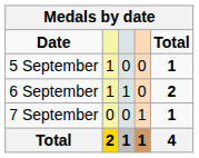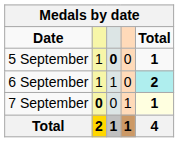 <table class=wikitable style="font-size:85%; text-align:center; float:right;">
 <tr style="background:#efefef">
 <th colspan=6>Medals by date</th>
 </tr>
 <tr style="text-align:center">
 <td><strong>Date</strong></td>
 <td bgcolor=F7F6A8></td>
 <td bgcolor=DCE5E5></td>
 <td bgcolor=FFDAB9></td>
 <td><strong>Total</strong></td>
 </tr>
 <tr style="text-align:center">
 <td>5 September</td>
 <td bgcolor=F7F6A8>1</td>
-<td bgcolor=DCE5E5>0</td>
+<td bgcolor=DCE5E5><strong>0</strong></td>
 <td bgcolor=FFDAB9>0</td>
 <td><strong>1</strong></td>
 </tr>
 <tr style="text-align:center">
 <td>6 September</td>
 <td bgcolor=F7F6A8>1</td>
 <td bgcolor=DCE5E5>1</td>
 <td bgcolor=FFDAB9>0</td>
-<td><strong>2</strong></td>
+<td style="background: paleturquoise;"><strong>2</strong></td>
 </tr>
 <tr style="text-align:center">
 <td>7 September</td>
-<td bgcolor=F7F6A8>0</td>
+<td bgcolor=F7F6A8><strong>0</strong></td>
 <td bgcolor=DCE5E5>0</td>
 <td bgcolor=FFDAB9>1</td>
-<td><strong>1</strong></td>
+<td style="background: lightyellow;"><strong>1</strong></td>
 </tr>
 <tr>
 <th>Total</th>
 <th style="background:gold">2</th>
 <th style="background:silver">1</th>
 <th style="background:#c96">1</th>
 <th>4</th>
 </tr>
 </table>
